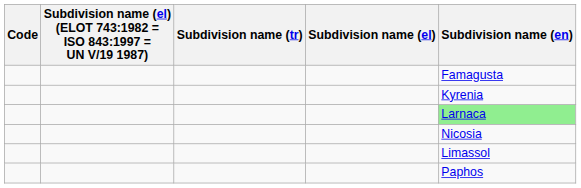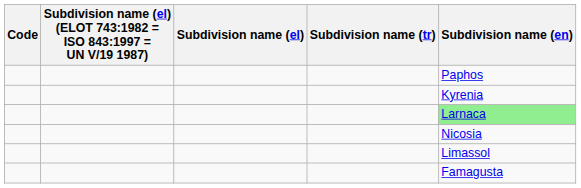 <table class="wikitable sortable">
 <tr>
 <th scope="col">Code</th>
 <th scope="col">Subdivision name (<a href='#'>el</a>)<br>(ELOT 743:1982 =<br>ISO 843:1997 =<br>UN V/19 1987)</th>
+<th scope="col">Subdivision name (<a href='#'>el</a>)</th>
 <th scope="col">Subdivision name (<a href='#'>tr</a>)</th>
-<th scope="col">Subdivision name (<a href='#'>el</a>)</th>
 <th scope="col">Subdivision name (<a href='#'>en</a>)</th>
 </tr>
 <tr>
 <td></td>
 <td></td>
 <td></td>
 <td></td>
-<td><a href='#'>Famagusta</a></td>
+<td><a href='#'>Paphos</a></td>
 </tr>
 <tr>
 <td></td>
 <td></td>
 <td></td>
 <td></td>
 <td><a href='#'>Kyrenia</a></td>
 </tr>
 <tr>
 <td></td>
 <td></td>
 <td></td>
 <td></td>
 <td style="background: lightgreen;"><a href='#'>Larnaca</a></td>
 </tr>
 <tr>
 <td></td>
 <td></td>
 <td></td>
 <td></td>
 <td><a href='#'>Nicosia</a></td>
 </tr>
 <tr>
 <td></td>
 <td></td>
 <td></td>
 <td></td>
 <td><a href='#'>Limassol</a></td>
 </tr>
 <tr>
 <td></td>
 <td></td>
 <td></td>
 <td></td>
-<td><a href='#'>Paphos</a></td>
+<td><a href='#'>Famagusta</a></td>
 </tr>
 </table>
